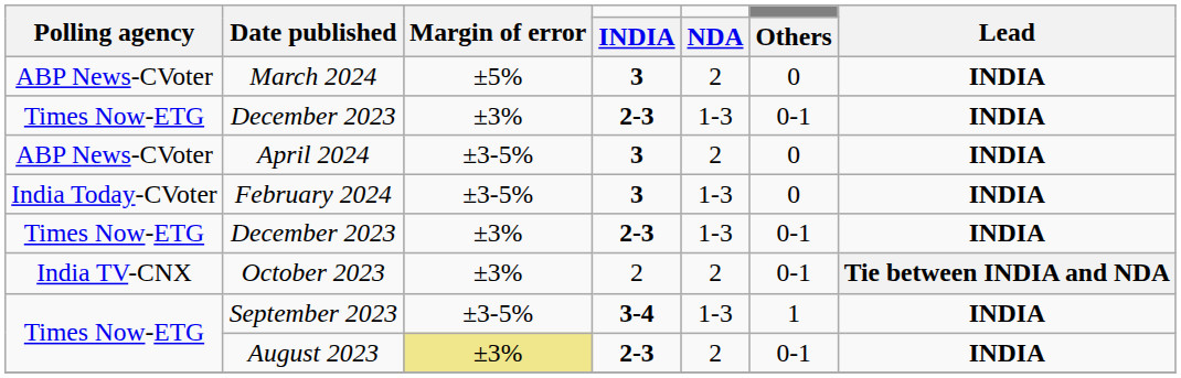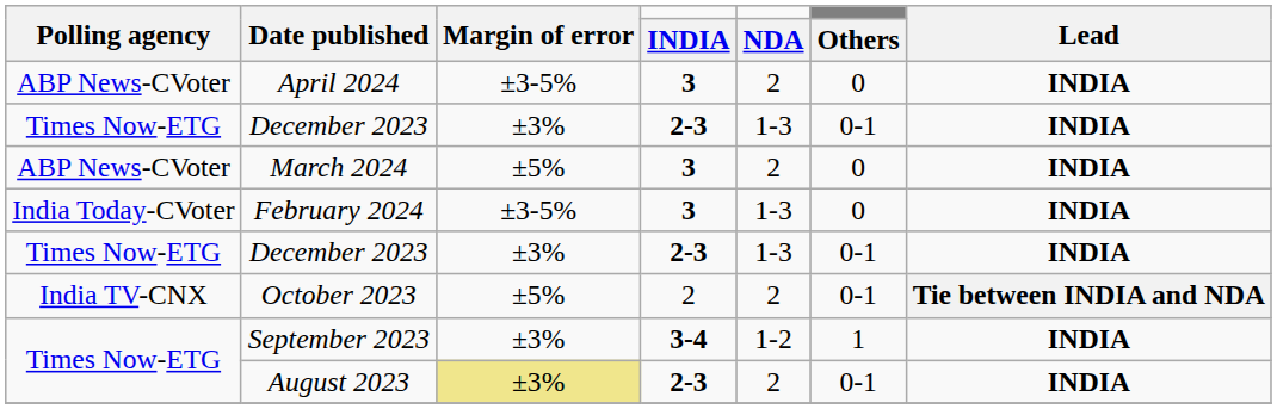 <table class="wikitable sortable" style="text-align:center;font-size:95%;line-height:16px">
 <tr>
 <th rowspan="2">Polling agency</th>
 <th rowspan="2">Date published</th>
 <th rowspan="2">Margin of error</th>
 <td></td>
 <td></td>
 <td bgcolor=grey></td>
 <th rowspan="2">Lead</th>
 </tr>
 <tr>
 <th><a href='#'>INDIA</a></th>
 <th><a href='#'>NDA</a></th>
 <th>Others</th>
 </tr>
 <tr>
 <td><a href='#'>ABP News</a>-CVoter</td>
-<td><em>March 2024</em></td>
-<td>±5%</td>
+<td><em>April 2024</em></td>
+<td>±3-5%</td>
 <td><strong>3</strong></td>
 <td>2</td>
 <td>0</td>
 <td bgcolor=><strong>INDIA</strong></td>
 </tr>
 <tr>
 <td><a href='#'>Times Now</a>-<a href='#'>ETG</a></td>
 <td><em>December 2023</em></td>
 <td>±3%</td>
 <td><strong>2-3</strong></td>
 <td>1-3</td>
 <td>0-1</td>
 <td bgcolor=><strong>INDIA</strong></td>
 </tr>
 <tr>
 <td><a href='#'>ABP News</a>-CVoter</td>
-<td><em>April 2024</em></td>
-<td>±3-5%</td>
+<td><em>March 2024</em></td>
+<td>±5%</td>
 <td><strong>3</strong></td>
 <td>2</td>
 <td>0</td>
 <td bgcolor=><strong>INDIA</strong></td>
 </tr>
 <tr>
 <td><a href='#'>India Today</a>-CVoter</td>
 <td><em>February 2024</em></td>
 <td>±3-5%</td>
 <td><strong>3</strong></td>
 <td>1-3</td>
 <td>0</td>
 <td bgcolor=><strong>INDIA</strong></td>
 </tr>
 <tr>
 <td><a href='#'>Times Now</a>-<a href='#'>ETG</a></td>
 <td><em>December 2023</em></td>
 <td>±3%</td>
 <td><strong>2-3</strong></td>
 <td>1-3</td>
 <td>0-1</td>
 <td bgcolor=><strong>INDIA</strong></td>
 </tr>
 <tr>
 <td><a href='#'>India TV</a>-CNX</td>
 <td><em>October 2023</em></td>
-<td>±3%</td>
+<td>±5%</td>
 <td>2</td>
 <td>2</td>
 <td>0-1</td>
 <th><strong>Tie between INDIA and NDA</strong></th>
 </tr>
 <tr>
 <td rowspan="2"><a href='#'>Times Now</a>-<a href='#'>ETG</a></td>
 <td><em>September 2023</em></td>
-<td>±3-5%</td>
+<td>±3%</td>
 <td><strong>3-4</strong></td>
-<td>1-3</td>
+<td>1-2</td>
 <td>1</td>
 <td bgcolor=><strong>INDIA</strong></td>
 </tr>
 <tr>
 <td><em>August 2023</em></td>
 <td style="background: khaki;">±3%</td>
 <td><strong>2-3</strong></td>
 <td>2</td>
 <td>0-1</td>
 <td bgcolor=><strong>INDIA</strong></td>
 </tr>
 <tr>
 </tr>
 </table>
